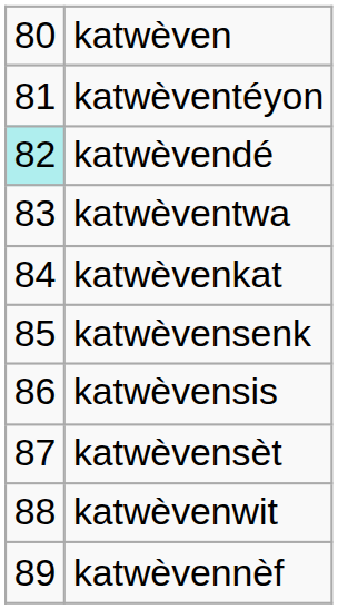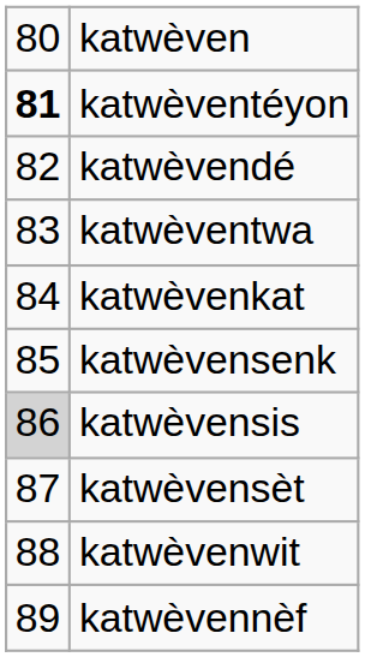 <table class="wikitable" style="float:left; margin-right:0.5em">
 <tr>
 <td>80</td>
 <td>katwèven</td>
 </tr>
 <tr>
-<td>81</td>
+<td><strong>81</strong></td>
 <td>katwèventéyon</td>
 </tr>
 <tr>
-<td style="background: paleturquoise;">82</td>
+<td>82</td>
 <td>katwèvendé</td>
 </tr>
 <tr>
 <td>83</td>
 <td>katwèventwa</td>
 </tr>
 <tr>
 <td>84</td>
 <td>katwèvenkat</td>
 </tr>
 <tr>
 <td>85</td>
 <td>katwèvensenk</td>
 </tr>
 <tr>
-<td>86</td>
+<td style="background: lightgrey;">86</td>
 <td>katwèvensis</td>
 </tr>
 <tr>
 <td>87</td>
 <td>katwèvensèt</td>
 </tr>
 <tr>
 <td>88</td>
 <td>katwèvenwit</td>
 </tr>
 <tr>
 <td>89</td>
 <td>katwèvennèf</td>
 </tr>
 </table>
